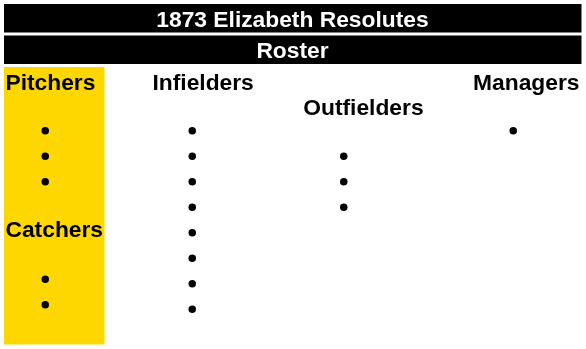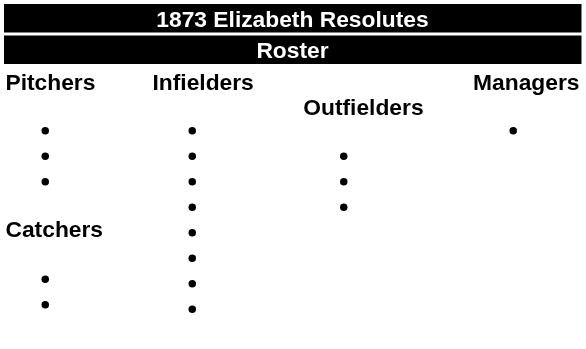 <table class="toccolours" style="font-size: 95%;">
 <tr>
 <th colspan="10" style="background-color: black; color:white; text-align: center;">1873 Elizabeth Resolutes</th>
 </tr>
 <tr>
 <td colspan="10" style="background-color:black; color: white; text-align: center;"><strong>Roster</strong></td>
 </tr>
 <tr>
-<td valign="top" style="background: gold;"><strong>Pitchers</strong><br><ul><li></li><li></li><li></li></ul><strong>Catchers</strong><ul><li></li><li></li></ul></td>
+<td valign="top"><strong>Pitchers</strong><br><ul><li></li><li></li><li></li></ul><strong>Catchers</strong><ul><li></li><li></li></ul></td>
 <td width="25px"></td>
 <td valign="top"><strong>Infielders</strong><br><ul><li></li><li></li><li></li><li></li><li></li><li></li><li></li><li></li></ul></td>
 <td width="25px"></td>
 <td valign="top"><br><strong>Outfielders</strong><ul><li></li><li></li><li></li></ul></td>
 <td width="25px"></td>
 <td valign="top"><strong>Managers</strong><br><ul><li></li></ul></td>
 </tr>
 </table>
